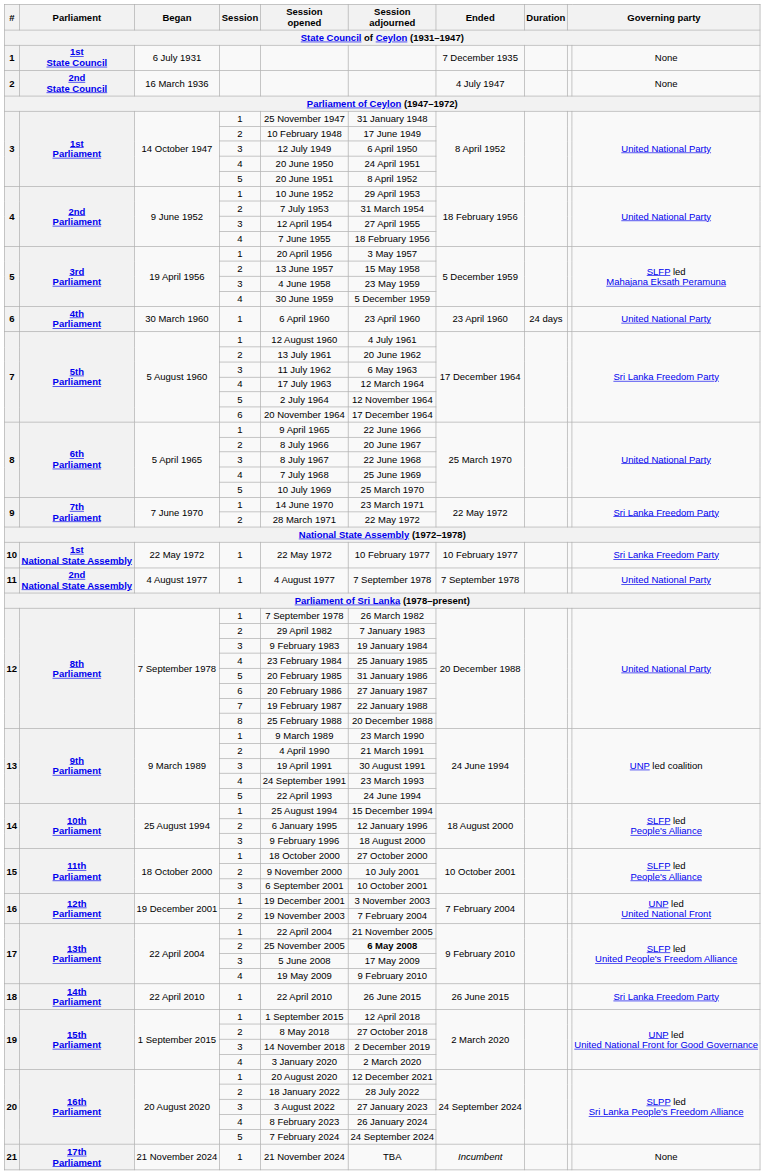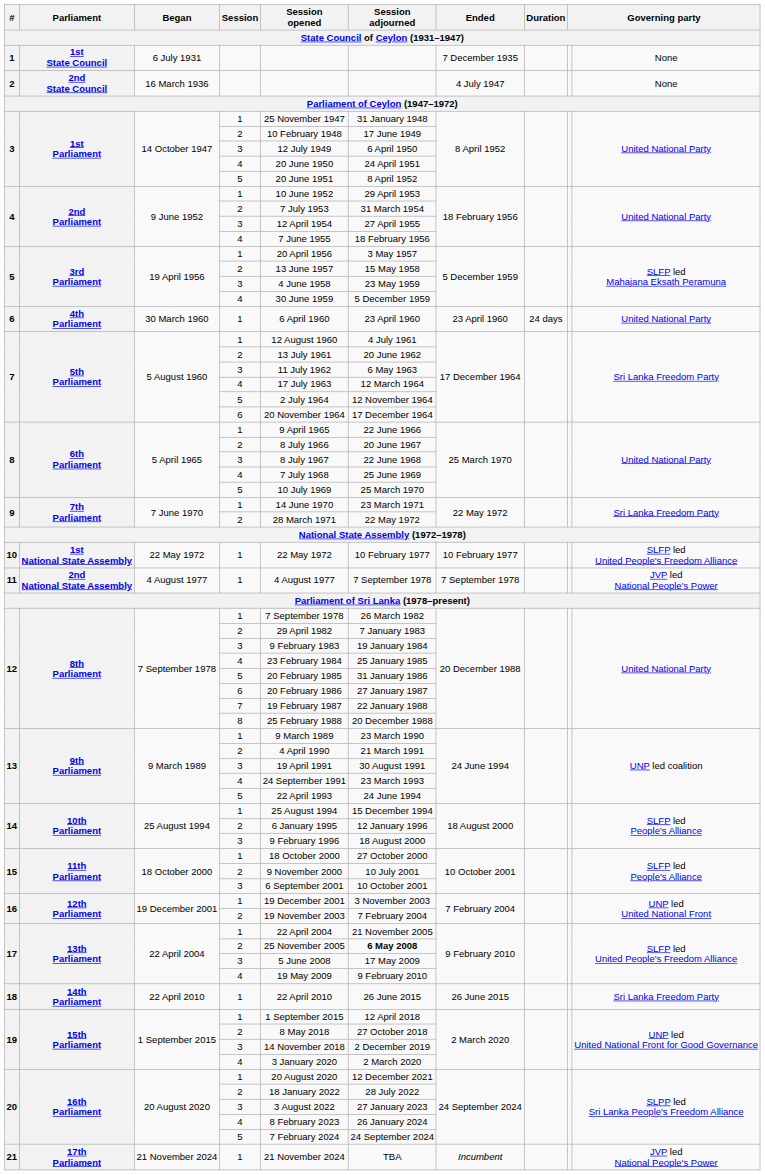 <table class="wikitable sticky-header" style="text-align:center; font-size:90%;">
 <tr>
 <th>#</th>
 <th>Parliament</th>
 <th>Began</th>
 <th>Session</th>
 <th>Session<br>opened</th>
 <th>Session<br>adjourned</th>
 <th>Ended</th>
 <th>Duration</th>
 <th colspan="2">Governing party</th>
 </tr>
 <tr>
 <th colspan="10"><a href='#'>State Council</a> of <a href='#'>Ceylon</a> (1931–1947)</th>
 </tr>
 <tr>
 <th rowspan=1>1</th>
 <th rowspan=1><a href='#'>1st<br>State Council</a></th>
 <td>6 July 1931</td>
 <td></td>
 <td></td>
 <td></td>
 <td rowspan=1>7 December 1935</td>
 <td rowspan=1></td>
 <td rowspan=1 style="background-color: "></td>
 <td rowspan=1>None</td>
 </tr>
 <tr>
 <th rowspan=1>2</th>
 <th rowspan=1><a href='#'>2nd<br>State Council</a></th>
 <td rowspan=1>16 March 1936</td>
 <td></td>
 <td></td>
 <td></td>
 <td rowspan=1>4 July 1947</td>
 <td rowspan=1></td>
 <td rowspan=1 style="background-color: "></td>
 <td rowspan=1>None</td>
 </tr>
 <tr>
 <th colspan="10"><a href='#'>Parliament of Ceylon</a> (1947–1972)</th>
 </tr>
 <tr>
 <th rowspan=5>3</th>
 <th rowspan=5><a href='#'>1st<br>Parliament</a></th>
 <td rowspan=5>14 October 1947</td>
 <td>1</td>
 <td>25 November 1947</td>
 <td>31 January 1948</td>
 <td rowspan=5>8 April 1952</td>
 <td rowspan=5></td>
 <td rowspan=5 style="background-color: "></td>
 <td rowspan=5><a href='#'>United National Party</a></td>
 </tr>
 <tr>
 <td>2</td>
 <td>10 February 1948</td>
 <td>17 June 1949</td>
 </tr>
 <tr>
 <td>3</td>
 <td>12 July 1949</td>
 <td>6 April 1950</td>
 </tr>
 <tr>
 <td>4</td>
 <td>20 June 1950</td>
 <td>24 April 1951</td>
 </tr>
 <tr>
 <td>5</td>
 <td>20 June 1951</td>
 <td>8 April 1952</td>
 </tr>
 <tr>
 <th rowspan=4>4</th>
 <th rowspan=4><a href='#'>2nd<br>Parliament</a></th>
 <td rowspan=4>9 June 1952</td>
 <td>1</td>
 <td>10 June 1952</td>
 <td>29 April 1953</td>
 <td rowspan=4>18 February 1956</td>
 <td rowspan=4></td>
 <td rowspan=4 style="background-color: "></td>
 <td rowspan=4><a href='#'>United National Party</a></td>
 </tr>
 <tr>
 <td>2</td>
 <td>7 July 1953</td>
 <td>31 March 1954</td>
 </tr>
 <tr>
 <td>3</td>
 <td>12 April 1954</td>
 <td>27 April 1955</td>
 </tr>
 <tr>
 <td>4</td>
 <td>7 June 1955</td>
 <td>18 February 1956</td>
 </tr>
 <tr>
 <th rowspan=4>5</th>
 <th rowspan=4><a href='#'>3rd<br>Parliament</a></th>
 <td rowspan=4>19 April 1956</td>
 <td>1</td>
 <td>20 April 1956</td>
 <td>3 May 1957</td>
 <td rowspan=4>5 December 1959</td>
 <td rowspan=4></td>
 <td rowspan=4 style="background-color: "></td>
 <td rowspan=4><a href='#'>SLFP</a> led<br><a href='#'>Mahajana Eksath Peramuna</a></td>
 </tr>
 <tr>
 <td>2</td>
 <td>13 June 1957</td>
 <td>15 May 1958</td>
 </tr>
 <tr>
 <td>3</td>
 <td>4 June 1958</td>
 <td>23 May 1959</td>
 </tr>
 <tr>
 <td>4</td>
 <td>30 June 1959</td>
 <td>5 December 1959</td>
 </tr>
 <tr>
 <th>6</th>
 <th><a href='#'>4th<br>Parliament</a></th>
 <td>30 March 1960</td>
 <td>1</td>
 <td>6 April 1960</td>
 <td>23 April 1960</td>
 <td>23 April 1960</td>
 <td>24 days</td>
 <td style="background-color: "></td>
 <td><a href='#'>United National Party</a></td>
 </tr>
 <tr>
 <th rowspan=6>7</th>
 <th rowspan=6><a href='#'>5th<br>Parliament</a></th>
 <td rowspan=6>5 August 1960</td>
 <td>1</td>
 <td>12 August 1960</td>
 <td>4 July 1961</td>
 <td rowspan=6>17 December 1964</td>
 <td rowspan=6></td>
 <td rowspan=6 style="background-color: "></td>
 <td rowspan=6><a href='#'>Sri Lanka Freedom Party</a></td>
 </tr>
 <tr>
 <td>2</td>
 <td>13 July 1961</td>
 <td>20 June 1962</td>
 </tr>
 <tr>
 <td>3</td>
 <td>11 July 1962</td>
 <td>6 May 1963</td>
 </tr>
 <tr>
 <td>4</td>
 <td>17 July 1963</td>
 <td>12 March 1964</td>
 </tr>
 <tr>
 <td>5</td>
 <td>2 July 1964</td>
 <td>12 November 1964</td>
 </tr>
 <tr>
 <td>6</td>
 <td>20 November 1964</td>
 <td>17 December 1964</td>
 </tr>
 <tr>
 <th rowspan=5>8</th>
 <th rowspan=5><a href='#'>6th<br>Parliament</a></th>
 <td rowspan=5>5 April 1965</td>
 <td>1</td>
 <td>9 April 1965</td>
 <td>22 June 1966</td>
 <td rowspan=5>25 March 1970</td>
 <td rowspan=5></td>
 <td rowspan=5 style="background-color: "></td>
 <td rowspan=5><a href='#'>United National Party</a></td>
 </tr>
 <tr>
 <td>2</td>
 <td>8 July 1966</td>
 <td>20 June 1967</td>
 </tr>
 <tr>
 <td>3</td>
 <td>8 July 1967</td>
 <td>22 June 1968</td>
 </tr>
 <tr>
 <td>4</td>
 <td>7 July 1968</td>
 <td>25 June 1969</td>
 </tr>
 <tr>
 <td>5</td>
 <td>10 July 1969</td>
 <td>25 March 1970</td>
 </tr>
 <tr>
 <th rowspan=2>9</th>
 <th rowspan=2><a href='#'>7th<br>Parliament</a></th>
 <td rowspan=2>7 June 1970</td>
 <td>1</td>
 <td>14 June 1970</td>
 <td>23 March 1971</td>
 <td rowspan=2>22 May 1972</td>
 <td rowspan=2></td>
 <td rowspan=2 style="background-color: "></td>
 <td rowspan=2><a href='#'>Sri Lanka Freedom Party</a></td>
 </tr>
 <tr>
 <td>2</td>
 <td>28 March 1971</td>
 <td>22 May 1972</td>
 </tr>
 <tr>
 <th colspan="10"><a href='#'>National State Assembly</a> (1972–1978)</th>
 </tr>
 <tr>
 <th>10</th>
 <th><a href='#'>1st<br>National State Assembly</a></th>
 <td>22 May 1972</td>
 <td>1</td>
 <td>22 May 1972</td>
 <td>10 February 1977</td>
 <td>10 February 1977</td>
 <td></td>
 <td style="background-color: "></td>
-<td><a href='#'>Sri Lanka Freedom Party</a></td>
+<td rowspan=1><a href='#'>SLFP</a> led<br><a href='#'>United People's Freedom Alliance</a></td>
 </tr>
 <tr>
 <th>11</th>
 <th><a href='#'>2nd<br>National State Assembly</a></th>
 <td>4 August 1977</td>
 <td>1</td>
 <td>4 August 1977</td>
 <td>7 September 1978</td>
 <td>7 September 1978</td>
 <td></td>
 <td style="background-color: "></td>
-<td><a href='#'>United National Party</a></td>
+<td rowspan=1><a href='#'>JVP</a> led <br> <a href='#'>National People's Power</a></td>
 </tr>
 <tr>
 <th colspan="10"><a href='#'>Parliament of Sri Lanka</a> (1978–present)</th>
 </tr>
 <tr>
 <th rowspan=8>12</th>
 <th rowspan=8><a href='#'>8th<br>Parliament</a></th>
 <td rowspan=8>7 September 1978</td>
 <td>1</td>
 <td>7 September 1978</td>
 <td>26 March 1982</td>
 <td rowspan=8>20 December 1988</td>
 <td rowspan=8></td>
 <td rowspan=8 style="background-color: "></td>
 <td rowspan=8><a href='#'>United National Party</a></td>
 </tr>
 <tr>
 <td>2</td>
 <td>29 April 1982</td>
 <td>7 January 1983</td>
 </tr>
 <tr>
 <td>3</td>
 <td>9 February 1983</td>
 <td>19 January 1984</td>
 </tr>
 <tr>
 <td>4</td>
 <td>23 February 1984</td>
 <td>25 January 1985</td>
 </tr>
 <tr>
 <td>5</td>
 <td>20 February 1985</td>
 <td>31 January 1986</td>
 </tr>
 <tr>
 <td>6</td>
 <td>20 February 1986</td>
 <td>27 January 1987</td>
 </tr>
 <tr>
 <td>7</td>
 <td>19 February 1987</td>
 <td>22 January 1988</td>
 </tr>
 <tr>
 <td>8</td>
 <td>25 February 1988</td>
 <td>20 December 1988</td>
 </tr>
 <tr>
 <th rowspan=5>13</th>
 <th rowspan=5><a href='#'>9th<br>Parliament</a></th>
 <td rowspan=5>9 March 1989</td>
 <td>1</td>
 <td>9 March 1989</td>
 <td>23 March 1990</td>
 <td rowspan=5>24 June 1994</td>
 <td rowspan=5></td>
 <td rowspan=5 style="background-color: "></td>
 <td rowspan=5><a href='#'>UNP</a> led coalition</td>
 </tr>
 <tr>
 <td>2</td>
 <td>4 April 1990</td>
 <td>21 March 1991</td>
 </tr>
 <tr>
 <td>3</td>
 <td>19 April 1991</td>
 <td>30 August 1991</td>
 </tr>
 <tr>
 <td>4</td>
 <td>24 September 1991</td>
 <td>23 March 1993</td>
 </tr>
 <tr>
 <td>5</td>
 <td>22 April 1993</td>
 <td>24 June 1994</td>
 </tr>
 <tr>
 <th rowspan=3>14</th>
 <th rowspan=3><a href='#'>10th<br>Parliament</a></th>
 <td rowspan=3>25 August 1994</td>
 <td>1</td>
 <td>25 August 1994</td>
 <td>15 December 1994</td>
 <td rowspan=3>18 August 2000</td>
 <td rowspan=3></td>
 <td rowspan=3 style="background-color: "></td>
 <td rowspan=3><a href='#'>SLFP</a> led<br><a href='#'>People's Alliance</a></td>
 </tr>
 <tr>
 <td>2</td>
 <td>6 January 1995</td>
 <td>12 January 1996</td>
 </tr>
 <tr>
 <td>3</td>
 <td>9 February 1996</td>
 <td>18 August 2000</td>
 </tr>
 <tr>
 <th rowspan=3>15</th>
 <th rowspan=3><a href='#'>11th<br>Parliament</a></th>
 <td rowspan=3>18 October 2000</td>
 <td>1</td>
 <td>18 October 2000</td>
 <td>27 October 2000</td>
 <td rowspan=3>10 October 2001</td>
 <td rowspan=3></td>
 <td rowspan=3 style="background-color: "></td>
 <td rowspan=3><a href='#'>SLFP</a> led<br><a href='#'>People's Alliance</a></td>
 </tr>
 <tr>
 <td>2</td>
 <td>9 November 2000</td>
 <td>10 July 2001</td>
 </tr>
 <tr>
 <td>3</td>
 <td>6 September 2001</td>
 <td>10 October 2001</td>
 </tr>
 <tr>
 <th rowspan=2>16</th>
 <th rowspan=2><a href='#'>12th<br>Parliament</a></th>
 <td rowspan=2>19 December 2001</td>
 <td>1</td>
 <td>19 December 2001</td>
 <td>3 November 2003</td>
 <td rowspan=2>7 February 2004</td>
 <td rowspan=2></td>
 <td rowspan=2 style="background-color: "></td>
 <td rowspan=2><a href='#'>UNP</a> led<br><a href='#'>United National Front</a></td>
 </tr>
 <tr>
 <td>2</td>
 <td>19 November 2003</td>
 <td>7 February 2004</td>
 </tr>
 <tr>
 <th rowspan=4>17</th>
 <th rowspan=4><a href='#'>13th<br>Parliament</a></th>
 <td rowspan=4>22 April 2004</td>
 <td>1</td>
 <td>22 April 2004</td>
 <td>21 November 2005</td>
 <td rowspan=4>9 February 2010</td>
 <td rowspan=4></td>
 <td rowspan=4 style="background-color: "></td>
 <td rowspan=4><a href='#'>SLFP</a> led<br><a href='#'>United People's Freedom Alliance</a></td>
 </tr>
 <tr>
 <td>2</td>
 <td>25 November 2005</td>
 <td><strong>6 May 2008</strong></td>
 </tr>
 <tr>
 <td>3</td>
 <td>5 June 2008</td>
 <td>17 May 2009</td>
 </tr>
 <tr>
 <td>4</td>
 <td>19 May 2009</td>
 <td>9 February 2010</td>
 </tr>
 <tr>
 <th rowspan=1>18</th>
 <th rowspan=1><a href='#'>14th<br>Parliament</a></th>
 <td rowspan=1>22 April 2010</td>
 <td>1</td>
 <td>22 April 2010</td>
 <td>26 June 2015</td>
 <td rowspan=1>26 June 2015</td>
 <td rowspan=1></td>
 <td rowspan=1 style="background-color: "></td>
 <td><a href='#'>Sri Lanka Freedom Party</a></td>
 </tr>
 <tr>
 <th rowspan="4">19</th>
 <th rowspan="4"><a href='#'>15th<br>Parliament</a></th>
 <td rowspan="4">1 September 2015</td>
 <td>1</td>
 <td>1 September 2015</td>
 <td>12 April 2018</td>
 <td rowspan="4">2 March 2020</td>
 <td rowspan="4"></td>
 <td rowspan="4" style="background-color: "></td>
 <td rowspan="4"><a href='#'>UNP</a> led<br><a href='#'>United National Front for Good Governance</a></td>
 </tr>
 <tr>
 <td>2</td>
 <td>8 May 2018</td>
 <td>27 October 2018</td>
 </tr>
 <tr>
 <td>3</td>
 <td>14 November 2018</td>
 <td>2 December 2019</td>
 </tr>
 <tr>
 <td>4</td>
 <td>3 January 2020</td>
 <td>2 March 2020</td>
 </tr>
 <tr>
 <th rowspan="5">20</th>
 <th rowspan="5"><a href='#'>16th<br>Parliament</a></th>
 <td rowspan="5">20 August 2020</td>
 <td>1</td>
 <td>20 August 2020</td>
 <td>12 December 2021</td>
 <td rowspan="5">24 September 2024</td>
 <td rowspan="5"></td>
 <td rowspan="5" style="background-color: "></td>
 <td rowspan="5"><a href='#'>SLPP</a> led<br><a href='#'>Sri Lanka People's Freedom Alliance</a></td>
 </tr>
 <tr>
 <td>2</td>
 <td>18 January 2022</td>
 <td>28 July 2022</td>
 </tr>
 <tr>
 <td>3</td>
 <td>3 August 2022</td>
 <td>27 January 2023</td>
 </tr>
 <tr>
 <td>4</td>
 <td>8 February 2023</td>
 <td>26 January 2024</td>
 </tr>
 <tr>
 <td>5</td>
 <td>7 February 2024</td>
 <td>24 September 2024</td>
 </tr>
 <tr>
 <th rowspan=1>21</th>
 <th rowspan=1><a href='#'>17th <br> Parliament</a></th>
 <td rowspan=1>21 November 2024</td>
 <td>1</td>
 <td>21 November 2024</td>
 <td>TBA</td>
 <td rowspan=1><em>Incumbent</em></td>
 <td rowspan=1></td>
 <td rowspan=1 style="background-color: "></td>
-<td rowspan=1>None</td>
+<td rowspan=1><a href='#'>JVP</a> led <br> <a href='#'>National People's Power</a></td>
 </tr>
 </table>
